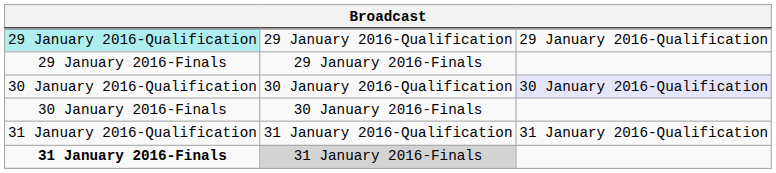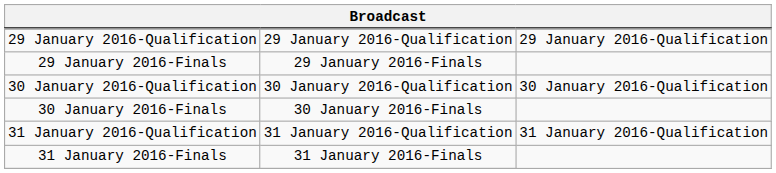 <table class=wikitable style="text-align:center;">
 <tr>
 <th colspan=3>Broadcast</th>
 </tr>
 <tr style="border-top: 2px solid #333333;">
 </tr>
 <tr>
-<td style="background: paleturquoise;">29 January 2016-Qualification </td>
+<td>29 January 2016-Qualification </td>
 <td>29 January 2016-Qualification </td>
 <td>29 January 2016-Qualification </td>
 </tr>
 <tr>
 <td>29 January 2016-Finals </td>
 <td>29 January 2016-Finals </td>
 </tr>
 <tr>
 <td>30 January 2016-Qualification </td>
 <td>30 January 2016-Qualification </td>
-<td style="background: lavender;">30 January 2016-Qualification </td>
+<td>30 January 2016-Qualification </td>
 </tr>
 <tr>
 <td>30 January 2016-Finals </td>
 <td>30 January 2016-Finals </td>
 </tr>
 <tr>
 <td>31 January 2016-Qualification </td>
 <td>31 January 2016-Qualification </td>
 <td>31 January 2016-Qualification </td>
 </tr>
 <tr>
-<td><strong>31 January 2016-Finals </strong></td>
-<td style="background: lightgrey;">31 January 2016-Finals </td>
+<td>31 January 2016-Finals </td>
+<td>31 January 2016-Finals </td>
 </tr>
 <tr>
 </tr>
 </table>
